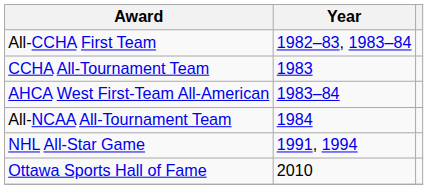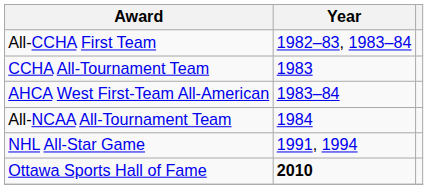 <table class="wikitable">
 <tr>
 <th>Award</th>
 <th>Year</th>
 <th></th>
 </tr>
 <tr>
 <td>All-<a href='#'>CCHA</a> <a href='#'>First Team</a></td>
 <td><a href='#'>1982–83</a>, <a href='#'>1983–84</a></td>
 <td></td>
 </tr>
 <tr>
 <td><a href='#'>CCHA</a> <a href='#'>All-Tournament Team</a></td>
 <td><a href='#'>1983</a></td>
 <td></td>
 </tr>
 <tr>
 <td><a href='#'>AHCA</a> <a href='#'>West First-Team All-American</a></td>
 <td><a href='#'>1983–84</a></td>
 <td></td>
 </tr>
 <tr>
 <td>All-<a href='#'>NCAA</a> <a href='#'>All-Tournament Team</a></td>
 <td><a href='#'>1984</a></td>
 <td></td>
 </tr>
 <tr>
 <td><a href='#'>NHL</a> <a href='#'>All-Star Game</a></td>
 <td><a href='#'>1991</a>, <a href='#'>1994</a></td>
 <td></td>
 </tr>
 <tr>
 <td><a href='#'>Ottawa Sports Hall of Fame</a></td>
-<td>2010</td>
+<td><strong>2010</strong></td>
 <td></td>
 </tr>
 <tr>
 </tr>
 </table>
